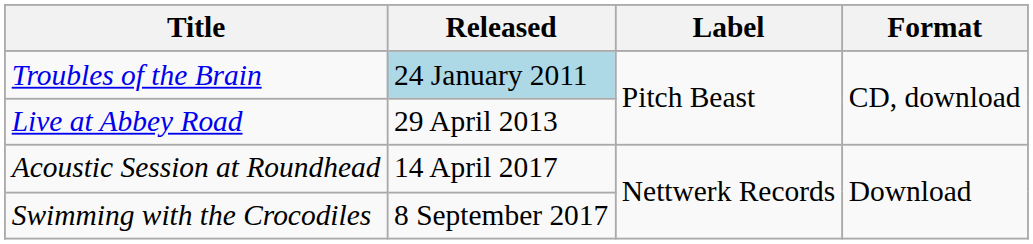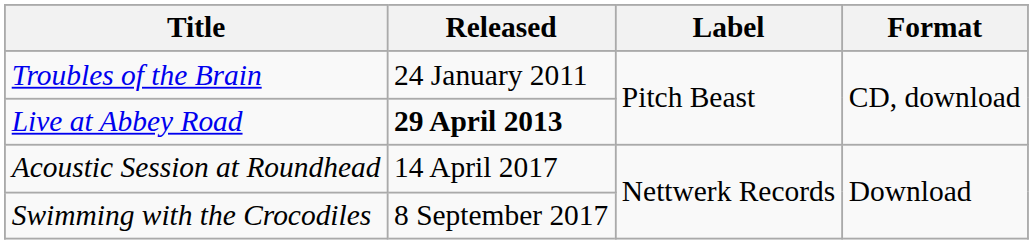 <table class="wikitable">
 <tr>
 <th>Title</th>
 <th>Released</th>
 <th>Label</th>
 <th>Format</th>
 </tr>
 <tr>
 <td><em><a href='#'>Troubles of the Brain</a></em></td>
-<td style="background: lightblue;">24 January 2011</td>
+<td>24 January 2011</td>
 <td rowspan="2">Pitch Beast</td>
 <td rowspan="2">CD, download</td>
 </tr>
 <tr>
 <td><em><a href='#'>Live at Abbey Road</a></em></td>
-<td>29 April 2013</td>
+<td><strong>29 April 2013</strong></td>
 </tr>
 <tr>
 <td><em>Acoustic Session at Roundhead</em></td>
 <td>14 April 2017</td>
 <td rowspan="2">Nettwerk Records</td>
 <td rowspan="2">Download</td>
 </tr>
 <tr>
 <td><em>Swimming with the Crocodiles</em></td>
 <td>8 September 2017</td>
 </tr>
 </table>
